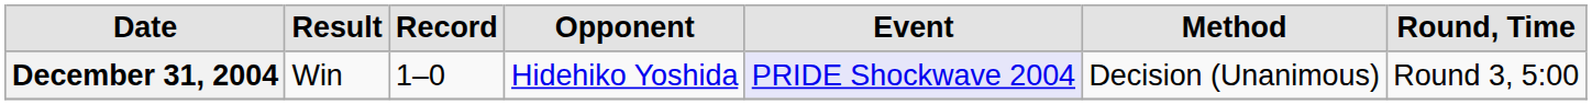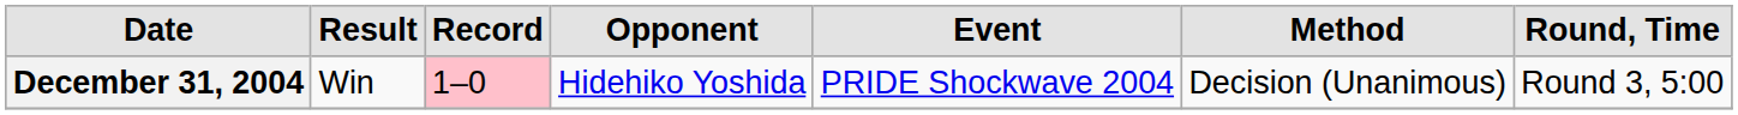 <table class="wikitable plainrowheaders">
 <tr>
 <th scope="col" style="border-style:none none solid solid; background:#e3e3e3;">Date</th>
 <th scope="col" style="border-style:none none solid solid; background:#e3e3e3;">Result</th>
 <th scope="col" style="border-style:none none solid solid; background:#e3e3e3;">Record</th>
 <th scope="col" style="border-style:none none solid solid; background:#e3e3e3;">Opponent</th>
 <th scope="col" style="border-style:none none solid solid; background:#e3e3e3;">Event</th>
 <th scope="col" style="border-style:none none solid solid; background:#e3e3e3;">Method</th>
 <th scope="col" style="border-style:none none solid solid; background:#e3e3e3;">Round, Time</th>
 </tr>
 <tr>
 <th scope="row">December 31, 2004</th>
 <td>Win</td>
-<td>1–0</td>
+<td style="background: pink;">1–0</td>
 <td> <a href='#'>Hidehiko Yoshida</a></td>
-<td style="background: lavender;"><a href='#'>PRIDE Shockwave 2004</a></td>
+<td><a href='#'>PRIDE Shockwave 2004</a></td>
 <td>Decision (Unanimous)</td>
 <td>Round 3, 5:00</td>
 </tr>
 <tr>
 </tr>
 </table>
